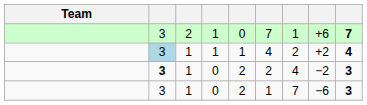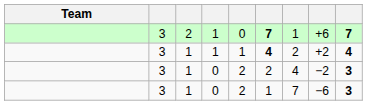 <table class="wikitable" style="text-align: center; font-size: 90%;">
 <tr>
 <th width=165>Team</th>
 <th width=25></th>
 <th width=25></th>
 <th width=25></th>
 <th width=25></th>
 <th width=25></th>
 <th width=25></th>
 <th width=25></th>
 <th width=25></th>
 </tr>
 <tr bgcolor=ccffcc>
 <td align="left"><em></em></td>
 <td>3</td>
 <td>2</td>
 <td>1</td>
 <td>0</td>
-<td>7</td>
+<td><strong>7</strong></td>
 <td>1</td>
 <td>+6</td>
 <td><strong>7</strong></td>
 </tr>
 <tr>
 <td align="left"></td>
-<td style="background: lightblue;">3</td>
+<td>3</td>
 <td>1</td>
 <td>1</td>
 <td>1</td>
-<td>4</td>
+<td><strong>4</strong></td>
 <td>2</td>
 <td>+2</td>
 <td><strong>4</strong></td>
 </tr>
 <tr>
 <td align="left"></td>
-<td><strong>3</strong></td>
+<td>3</td>
 <td>1</td>
 <td>0</td>
 <td>2</td>
 <td>2</td>
 <td>4</td>
 <td>−2</td>
 <td><strong>3</strong></td>
 </tr>
 <tr>
 <td align="left"></td>
 <td>3</td>
 <td>1</td>
 <td>0</td>
 <td>2</td>
 <td>1</td>
 <td>7</td>
 <td>−6</td>
 <td><strong>3</strong></td>
 </tr>
 </table>
